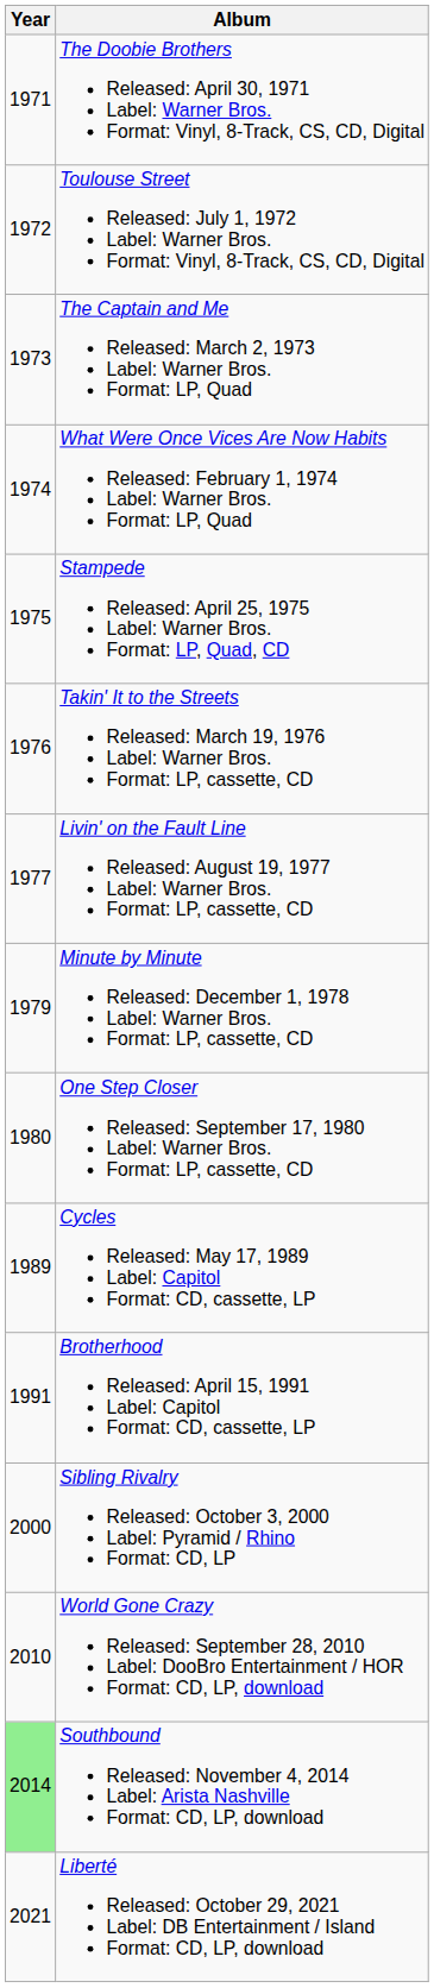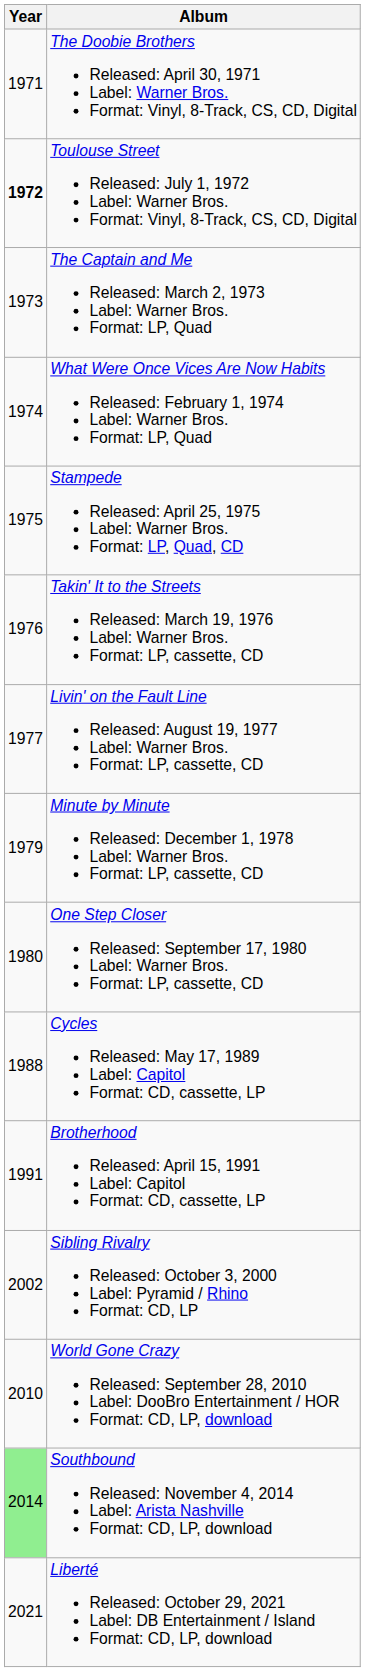 <table class="wikitable">
 <tr>
 <th>Year</th>
 <th>Album</th>
 </tr>
 <tr>
 <td>1971</td>
 <td><em><a href='#'>The Doobie Brothers</a></em><br><ul><li>Released: April 30, 1971</li><li>Label: <a href='#'>Warner Bros.</a></li><li>Format: Vinyl, 8-Track, CS, CD, Digital</li></ul></td>
 </tr>
 <tr>
-<td>1972</td>
+<td><strong>1972</strong></td>
 <td><em><a href='#'>Toulouse Street</a></em><br><ul><li>Released: July 1, 1972</li><li>Label: Warner Bros.</li><li>Format: Vinyl, 8-Track, CS, CD, Digital</li></ul></td>
 </tr>
 <tr>
 <td>1973</td>
 <td><em><a href='#'>The Captain and Me</a></em><br><ul><li>Released: March 2, 1973</li><li>Label: Warner Bros.</li><li>Format: LP, Quad</li></ul></td>
 </tr>
 <tr>
 <td>1974</td>
 <td><em><a href='#'>What Were Once Vices Are Now Habits</a></em><br><ul><li>Released: February 1, 1974</li><li>Label: Warner Bros.</li><li>Format: LP, Quad</li></ul></td>
 </tr>
 <tr>
 <td>1975</td>
 <td><em><a href='#'>Stampede</a></em><br><ul><li>Released: April 25, 1975</li><li>Label: Warner Bros.</li><li>Format: <a href='#'>LP</a>, <a href='#'>Quad</a>, <a href='#'>CD</a></li></ul></td>
 </tr>
 <tr>
 <td>1976</td>
 <td><em><a href='#'>Takin' It to the Streets</a></em><br><ul><li>Released: March 19, 1976</li><li>Label: Warner Bros.</li><li>Format: LP, cassette, CD</li></ul></td>
 </tr>
 <tr>
 <td>1977</td>
 <td><em><a href='#'>Livin' on the Fault Line</a></em><br><ul><li>Released: August 19, 1977</li><li>Label: Warner Bros.</li><li>Format: LP, cassette, CD</li></ul></td>
 </tr>
 <tr>
 <td>1979</td>
 <td><em><a href='#'>Minute by Minute</a></em><br><ul><li>Released: December 1, 1978</li><li>Label: Warner Bros.</li><li>Format: LP, cassette, CD</li></ul></td>
 </tr>
 <tr>
 <td>1980</td>
 <td><em><a href='#'>One Step Closer</a></em><br><ul><li>Released: September 17, 1980</li><li>Label: Warner Bros.</li><li>Format: LP, cassette, CD</li></ul></td>
 </tr>
 <tr>
-<td>1989</td>
+<td>1988</td>
 <td><em><a href='#'>Cycles</a></em><br><ul><li>Released: May 17, 1989</li><li>Label: <a href='#'>Capitol</a></li><li>Format: CD, cassette, LP</li></ul></td>
 </tr>
 <tr>
 <td>1991</td>
 <td><em><a href='#'>Brotherhood</a></em><br><ul><li>Released: April 15, 1991</li><li>Label: Capitol</li><li>Format: CD, cassette, LP</li></ul></td>
 </tr>
 <tr>
-<td>2000</td>
+<td>2002</td>
 <td><em><a href='#'>Sibling Rivalry</a></em><br><ul><li>Released: October 3, 2000</li><li>Label: Pyramid / <a href='#'>Rhino</a></li><li>Format: CD, LP</li></ul></td>
 </tr>
 <tr>
 <td>2010</td>
 <td><em><a href='#'>World Gone Crazy</a></em><br><ul><li>Released: September 28, 2010</li><li>Label: DooBro Entertainment / HOR</li><li>Format: CD, LP, <a href='#'>download</a></li></ul></td>
 </tr>
 <tr>
 <td style="background: lightgreen;">2014</td>
 <td><em><a href='#'>Southbound</a></em><br><ul><li>Released: November 4, 2014</li><li>Label: <a href='#'>Arista Nashville</a></li><li>Format: CD, LP, download</li></ul></td>
 </tr>
 <tr>
 <td>2021</td>
 <td><em><a href='#'>Liberté</a></em><br><ul><li>Released: October 29, 2021</li><li>Label: DB Entertainment / Island</li><li>Format: CD, LP, download</li></ul></td>
 </tr>
 </table>
